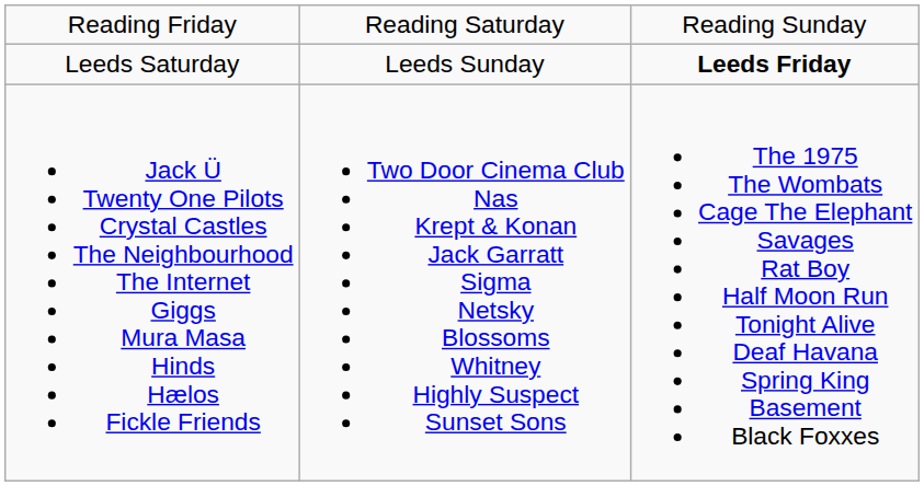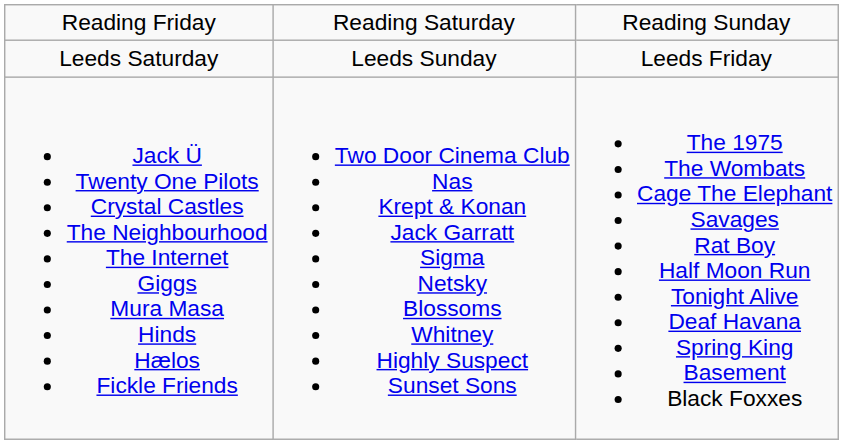 <table class="wikitable" style="text-align:center;">
 <tr>
 <td>Reading Friday</td>
 <td>Reading Saturday</td>
 <td>Reading Sunday</td>
 </tr>
 <tr>
 <td>Leeds Saturday</td>
 <td>Leeds Sunday</td>
-<td><strong>Leeds Friday</strong></td>
+<td>Leeds Friday</td>
 </tr>
 <tr>
 <td><br><ul><li><a href='#'>Jack Ü</a></li><li><a href='#'>Twenty One Pilots</a></li><li><a href='#'>Crystal Castles</a></li><li><a href='#'>The Neighbourhood</a></li><li><a href='#'>The Internet</a></li><li><a href='#'>Giggs</a></li><li><a href='#'>Mura Masa</a></li><li><a href='#'>Hinds</a></li><li><a href='#'>Hælos</a></li><li><a href='#'>Fickle Friends</a></li></ul></td>
 <td><br><ul><li><a href='#'>Two Door Cinema Club</a></li><li><a href='#'>Nas</a></li><li><a href='#'>Krept & Konan</a></li><li><a href='#'>Jack Garratt</a></li><li><a href='#'>Sigma</a></li><li><a href='#'>Netsky</a></li><li><a href='#'>Blossoms</a></li><li><a href='#'>Whitney</a></li><li><a href='#'>Highly Suspect</a></li><li><a href='#'>Sunset Sons</a></li></ul></td>
 <td><br><ul><li><a href='#'>The 1975</a></li><li><a href='#'>The Wombats</a></li><li><a href='#'>Cage The Elephant</a></li><li><a href='#'>Savages</a></li><li><a href='#'>Rat Boy</a></li><li><a href='#'>Half Moon Run</a></li><li><a href='#'>Tonight Alive</a></li><li><a href='#'>Deaf Havana</a></li><li><a href='#'>Spring King</a></li><li><a href='#'>Basement</a></li><li>Black Foxxes</li></ul></td>
 </tr>
 </table>
